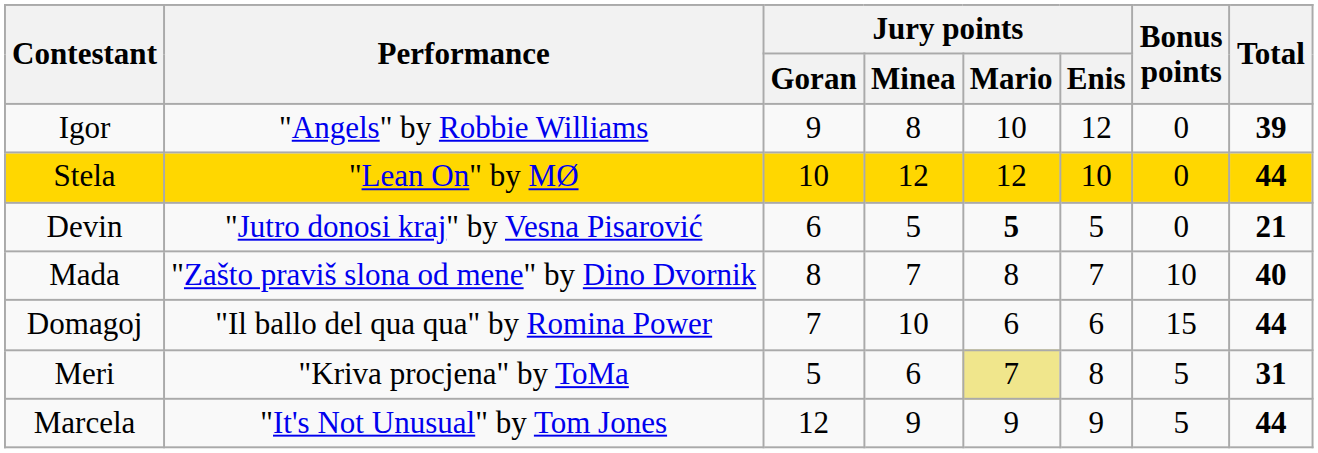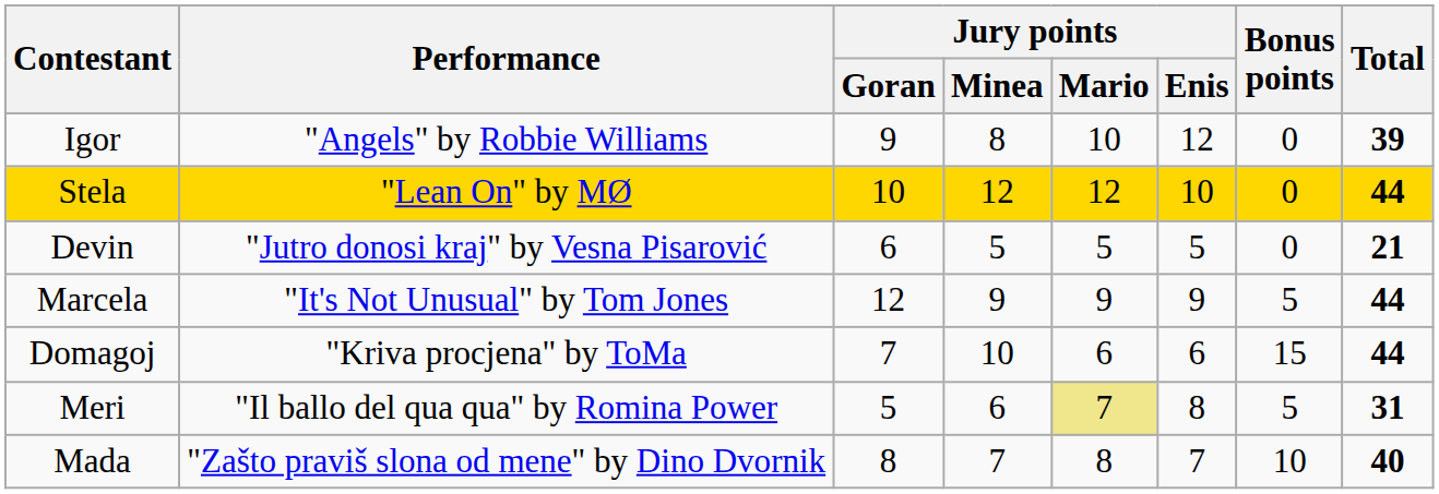 <table class="wikitable sortable" style="text-align: center;">
 <tr>
 <th rowspan="2">Contestant</th>
 <th rowspan="2">Performance</th>
 <th colspan="4">Jury points</th>
 <th rowspan="2">Bonus<br>points</th>
 <th rowspan="2">Total</th>
 </tr>
 <tr>
 <th>Goran</th>
 <th>Minea</th>
 <th>Mario</th>
 <th>Enis</th>
 </tr>
 <tr>
 <td>Igor</td>
 <td>"<a href='#'>Angels</a>" by <a href='#'>Robbie Williams</a></td>
 <td>9</td>
 <td>8</td>
 <td>10</td>
 <td>12</td>
 <td>0</td>
 <td><strong>39</strong></td>
 </tr>
 <tr style="background-color:gold;">
 <td>Stela</td>
 <td>"<a href='#'>Lean On</a>" by <a href='#'>MØ</a></td>
 <td>10</td>
 <td>12</td>
 <td>12</td>
 <td>10</td>
 <td>0</td>
 <td><strong>44</strong></td>
 </tr>
 <tr>
 <td>Devin</td>
 <td>"<a href='#'>Jutro donosi kraj</a>" by <a href='#'>Vesna Pisarović</a></td>
 <td>6</td>
 <td>5</td>
-<td><strong>5</strong></td>
+<td>5</td>
 <td>5</td>
 <td>0</td>
 <td><strong>21</strong></td>
+</tr>
+<tr>
+<td>Marcela</td>
+<td>"<a href='#'>It's Not Unusual</a>" by <a href='#'>Tom Jones</a></td>
+<td>12</td>
+<td>9</td>
+<td>9</td>
+<td>9</td>
+<td>5</td>
+<td><strong>44</strong></td>
+</tr>
+<tr>
+<td>Domagoj</td>
+<td>"Kriva procjena" by <a href='#'>ToMa</a></td>
+<td>7</td>
+<td>10</td>
+<td>6</td>
+<td>6</td>
+<td>15</td>
+<td><strong>44</strong></td>
+</tr>
+<tr>
+<td>Meri</td>
+<td>"Il ballo del qua qua" by <a href='#'>Romina Power</a></td>
+<td>5</td>
+<td>6</td>
+<td style="background: khaki;">7</td>
+<td>8</td>
+<td>5</td>
+<td><strong>31</strong></td>
 </tr>
 <tr>
 <td>Mada</td>
 <td>"<a href='#'>Zašto praviš slona od mene</a>" by <a href='#'>Dino Dvornik</a></td>
 <td>8</td>
 <td>7</td>
 <td>8</td>
 <td>7</td>
 <td>10</td>
 <td><strong>40</strong></td>
 </tr>
-<tr>
-<td>Domagoj</td>
-<td>"Il ballo del qua qua" by <a href='#'>Romina Power</a></td>
-<td>7</td>
-<td>10</td>
-<td>6</td>
-<td>6</td>
-<td>15</td>
-<td><strong>44</strong></td>
-</tr>
-<tr>
-<td>Meri</td>
-<td>"Kriva procjena" by <a href='#'>ToMa</a></td>
-<td>5</td>
-<td>6</td>
-<td style="background: khaki;">7</td>
-<td>8</td>
-<td>5</td>
-<td><strong>31</strong></td>
-</tr>
-<tr>
-<td>Marcela</td>
-<td>"<a href='#'>It's Not Unusual</a>" by <a href='#'>Tom Jones</a></td>
-<td>12</td>
-<td>9</td>
-<td>9</td>
-<td>9</td>
-<td>5</td>
-<td><strong>44</strong></td>
-</tr>
 </table>
